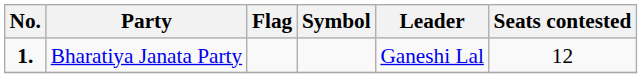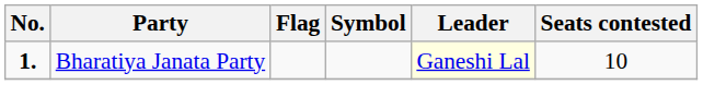 <table class="wikitable">
 <tr>
 <th>No.</th>
 <th>Party</th>
 <th>Flag</th>
 <th>Symbol</th>
 <th>Leader</th>
 <th>Seats contested</th>
 </tr>
 <tr>
 <td ! style="text-align:center; background:"><strong>1.</strong></td>
 <td style="text-align:center"><a href='#'>Bharatiya Janata Party</a></td>
 <td></td>
 <td></td>
-<td style="text-align:center"><a href='#'>Ganeshi Lal</a></td>
-<td style="text-align:center">12</td>
+<td style="background: lightyellow; text-align:center"><a href='#'>Ganeshi Lal</a></td>
+<td style="text-align:center">10</td>
 </tr>
 <tr>
 </tr>
 </table>
